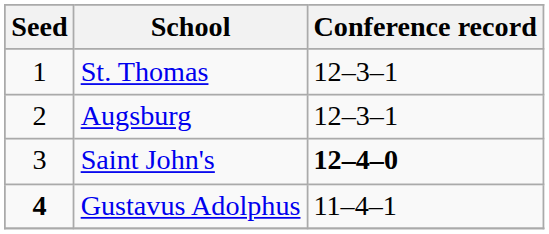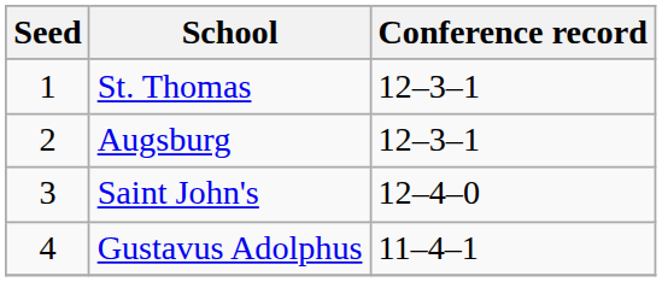 <table class="wikitable">
 <tr>
 <th>Seed</th>
 <th>School</th>
 <th>Conference record</th>
 </tr>
 <tr>
 <td align=center>1</td>
 <td><a href='#'>St. Thomas</a></td>
 <td>12–3–1</td>
 </tr>
 <tr>
 <td align=center>2</td>
 <td><a href='#'>Augsburg</a></td>
 <td>12–3–1</td>
 </tr>
 <tr>
 <td align=center>3</td>
 <td><a href='#'>Saint John's</a></td>
-<td><strong>12–4–0</strong></td>
+<td>12–4–0</td>
 </tr>
 <tr>
-<td align=center><strong>4</strong></td>
+<td align=center>4</td>
 <td><a href='#'>Gustavus Adolphus</a></td>
 <td>11–4–1</td>
 </tr>
 <tr>
 </tr>
 </table>
